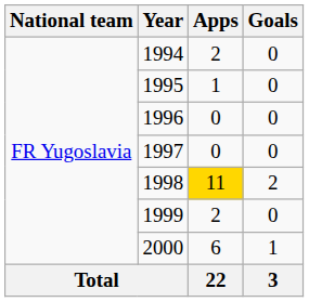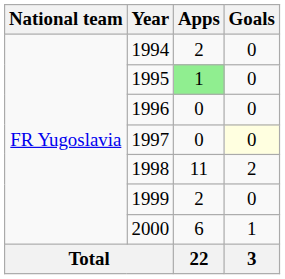 <table class="wikitable" style="text-align:center">
 <tr>
 <th>National team</th>
 <th>Year</th>
 <th>Apps</th>
 <th>Goals</th>
 </tr>
 <tr>
 <td rowspan="7"><a href='#'>FR Yugoslavia</a></td>
 <td>1994</td>
 <td>2</td>
 <td>0</td>
 </tr>
 <tr>
 <td>1995</td>
-<td>1</td>
+<td style="background: lightgreen;">1</td>
 <td>0</td>
 </tr>
 <tr>
 <td>1996</td>
 <td>0</td>
 <td>0</td>
 </tr>
 <tr>
 <td>1997</td>
 <td>0</td>
-<td>0</td>
+<td style="background: lightyellow;">0</td>
 </tr>
 <tr>
 <td>1998</td>
-<td style="background: gold;">11</td>
+<td>11</td>
 <td>2</td>
 </tr>
 <tr>
 <td>1999</td>
 <td>2</td>
 <td>0</td>
 </tr>
 <tr>
 <td>2000</td>
 <td>6</td>
 <td>1</td>
 </tr>
 <tr>
 <th colspan="2">Total</th>
 <th>22</th>
 <th>3</th>
 </tr>
 </table>
